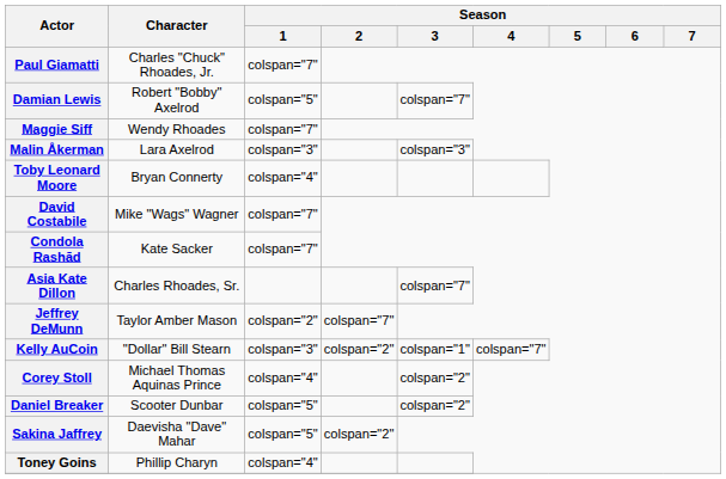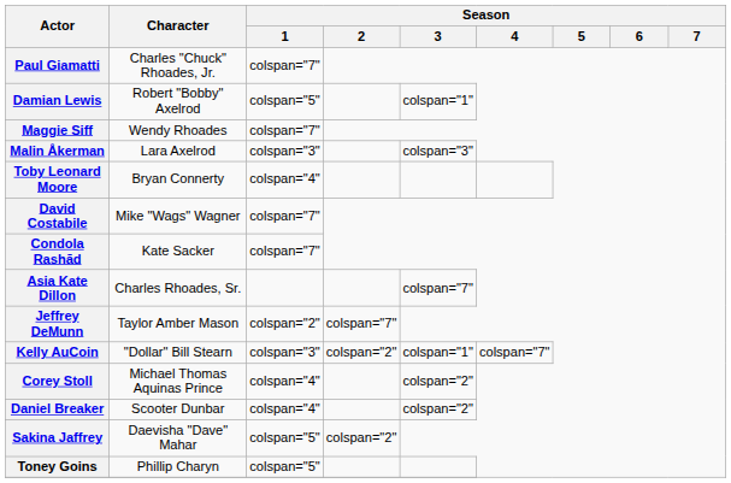 <table class="wikitable plainrowheaders" style="text-align:center">
 <tr>
 <th scope="col" rowspan="2">Actor</th>
 <th scope="col" rowspan="2">Character</th>
 <th scope="colgroup" colspan="7">Season</th>
 </tr>
 <tr>
 <th scope="col" style="width:8%;">1</th>
 <th scope="col" style="width:8%;">2</th>
 <th scope="col" style="width:8%;">3</th>
 <th scope="col" style="width:8%;">4</th>
 <th scope="col" style="width:8%;">5</th>
 <th scope="col" style="width:8%;">6</th>
 <th scope="col" style="width:8%;">7</th>
 </tr>
 <tr>
 <th scope="row"><a href='#'>Paul Giamatti</a></th>
 <td>Charles "Chuck" Rhoades, Jr.</td>
 <td>colspan="7" </td>
 </tr>
 <tr>
 <th scope="row"><a href='#'>Damian Lewis</a></th>
 <td>Robert "Bobby" Axelrod</td>
 <td>colspan="5" </td>
 <td></td>
-<td>colspan="7" </td>
+<td>colspan="1" </td>
 </tr>
 <tr>
 <th scope="row"><a href='#'>Maggie Siff</a></th>
 <td>Wendy Rhoades</td>
 <td>colspan="7" </td>
 </tr>
 <tr>
 <th scope="row"><a href='#'>Malin Åkerman</a></th>
 <td>Lara Axelrod</td>
 <td>colspan="3" </td>
 <td></td>
 <td>colspan="3" </td>
 </tr>
 <tr>
 <th scope="row"><a href='#'>Toby Leonard Moore</a></th>
 <td>Bryan Connerty</td>
 <td>colspan="4" </td>
 <td></td>
 <td></td>
 <td></td>
 </tr>
 <tr>
 <th scope="row"><a href='#'>David Costabile</a></th>
 <td>Mike "Wags" Wagner</td>
 <td>colspan="7" </td>
 </tr>
 <tr>
 <th scope="row"><a href='#'>Condola Rashād</a></th>
 <td>Kate Sacker</td>
 <td>colspan="7" </td>
 </tr>
 <tr>
 <th scope="row"><a href='#'>Asia Kate Dillon</a></th>
 <td>Charles Rhoades, Sr.</td>
 <td></td>
 <td></td>
 <td>colspan="7" </td>
 </tr>
 <tr>
 <th scope="row"><a href='#'>Jeffrey DeMunn</a></th>
 <td>Taylor Amber Mason</td>
 <td>colspan="2" </td>
 <td>colspan="7" </td>
 </tr>
 <tr>
 <th scope="row"><a href='#'>Kelly AuCoin</a></th>
 <td>"Dollar" Bill Stearn</td>
 <td>colspan="3" </td>
 <td>colspan="2" </td>
 <td>colspan="1" </td>
 <td>colspan="7" </td>
 </tr>
 <tr>
 <th scope="row"><a href='#'>Corey Stoll</a></th>
 <td>Michael Thomas Aquinas Prince</td>
 <td>colspan="4" </td>
 <td></td>
 <td>colspan="2" </td>
 </tr>
 <tr>
 <th scope="row"><a href='#'>Daniel Breaker</a></th>
 <td>Scooter Dunbar</td>
-<td>colspan="5" </td>
+<td>colspan="4" </td>
 <td></td>
 <td>colspan="2" </td>
 </tr>
 <tr>
 <th scope="row"><a href='#'>Sakina Jaffrey</a></th>
 <td>Daevisha "Dave" Mahar</td>
 <td>colspan="5" </td>
 <td>colspan="2" </td>
 </tr>
 <tr>
 <th scope="row">Toney Goins</th>
 <td>Phillip Charyn</td>
-<td>colspan="4" </td>
+<td>colspan="5" </td>
 <td></td>
 <td></td>
 </tr>
 <tr>
 </tr>
 </table>
